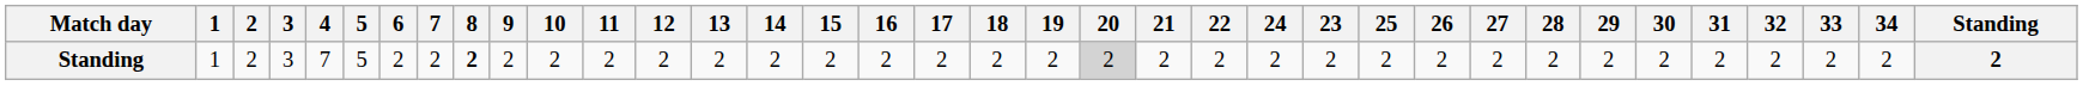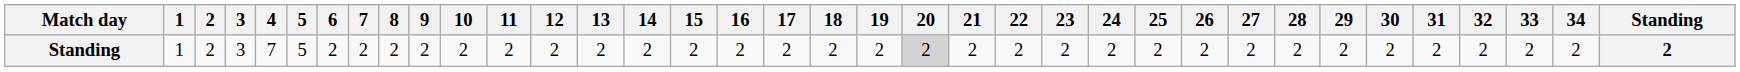 <table class="wikitable" style="width:100%; font-size:85%;">
 <tr valign=top>
 <th align=center>Match day</th>
 <th align=center>1</th>
 <th align=center>2</th>
 <th align=center>3</th>
 <th align=center>4</th>
 <th align=center>5</th>
 <th align=center>6</th>
 <th align=center>7</th>
 <th align=center>8</th>
 <th align=center>9</th>
 <th align=center>10</th>
 <th align=center>11</th>
 <th align=center>12</th>
 <th align=center>13</th>
 <th align=center>14</th>
 <th align=center>15</th>
 <th align=center>16</th>
 <th align=center>17</th>
 <th align=center>18</th>
 <th align=center>19</th>
 <th align=center>20</th>
 <th align=center>21</th>
 <th align=center>22</th>
+<th align=center>23</th>
 <th align=center>24</th>
-<th align=center>23</th>
 <th align=center>25</th>
 <th align=center>26</th>
 <th align=center>27</th>
 <th align=center>28</th>
 <th align=center>29</th>
 <th align=center>30</th>
 <th align=center>31</th>
 <th align=center>32</th>
 <th align=center>33</th>
 <th align=center>34</th>
 <th align=center>Standing</th>
 </tr>
 <tr>
 <th align=center>Standing</th>
 <td align=center>1</td>
 <td align=center>2</td>
 <td align=center>3</td>
 <td align=center>7</td>
 <td align=center>5</td>
 <td align=center>2</td>
 <td align=center>2</td>
-<td align=center><strong>2</strong></td>
+<td align=center>2</td>
 <td align=center>2</td>
 <td align=center>2</td>
 <td align=center>2</td>
 <td align=center>2</td>
 <td align=center>2</td>
 <td align=center>2</td>
 <td align=center>2</td>
 <td align=center>2</td>
 <td align=center>2</td>
 <td align=center>2</td>
 <td align=center>2</td>
 <td align=center style="background: lightgrey;">2</td>
 <td align=center>2</td>
 <td align=center>2</td>
 <td align=center>2</td>
 <td align=center>2</td>
 <td align=center>2</td>
 <td align=center>2</td>
 <td align=center>2</td>
 <td align=center>2</td>
 <td align=center>2</td>
 <td align=center>2</td>
 <td align=center>2</td>
 <td align=center>2</td>
 <td align=center>2</td>
 <td align=center>2</td>
 <th align=center>2</th>
 </tr>
 </table>
